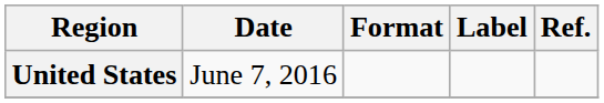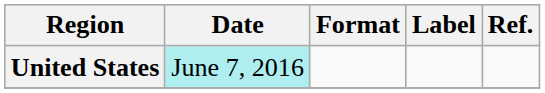 <table class="wikitable plainrowheaders">
 <tr>
 <th>Region</th>
 <th>Date</th>
 <th>Format</th>
 <th>Label</th>
 <th>Ref.</th>
 </tr>
 <tr>
 <th scope="row">United States</th>
-<td rowspan="1">June 7, 2016</td>
+<td rowspan="1" style="background: paleturquoise;">June 7, 2016</td>
 <td rowspan="1"></td>
 <td rowspan="1"></td>
 <td><br></td>
 </tr>
 <tr>
 </tr>
 </table>
